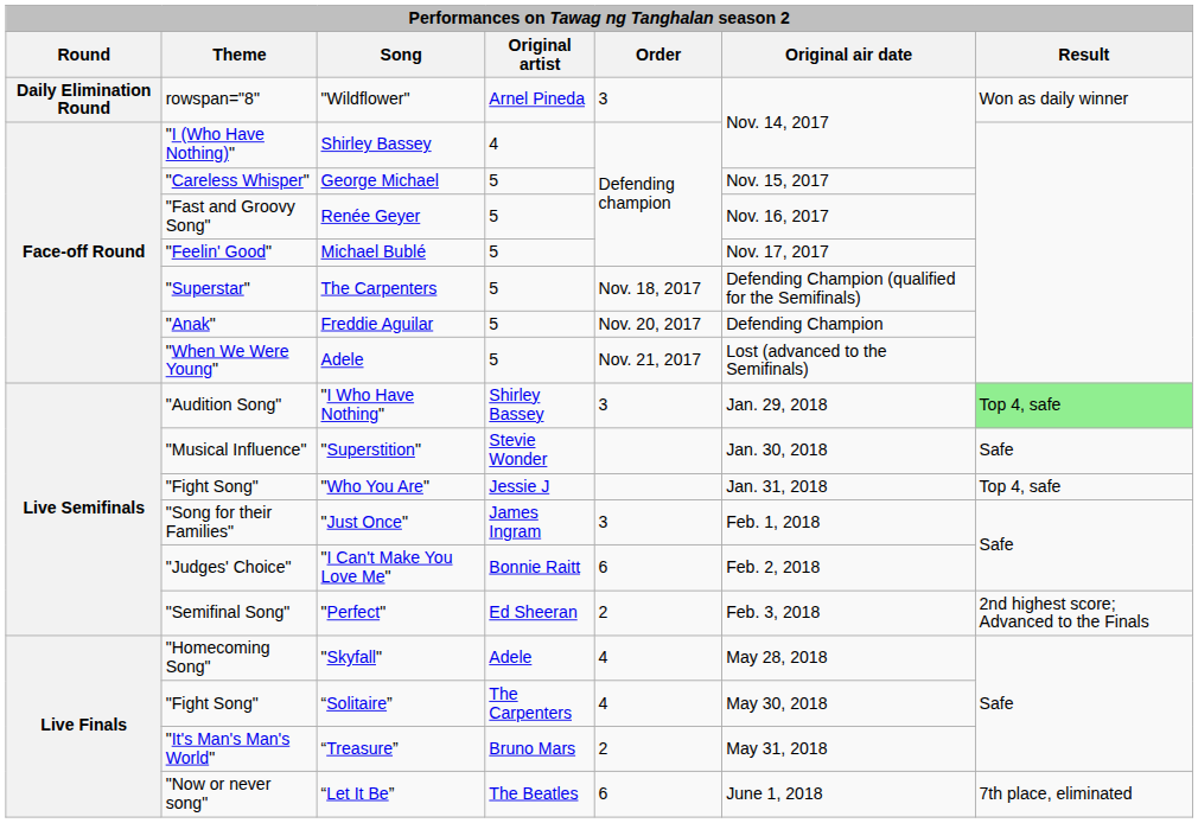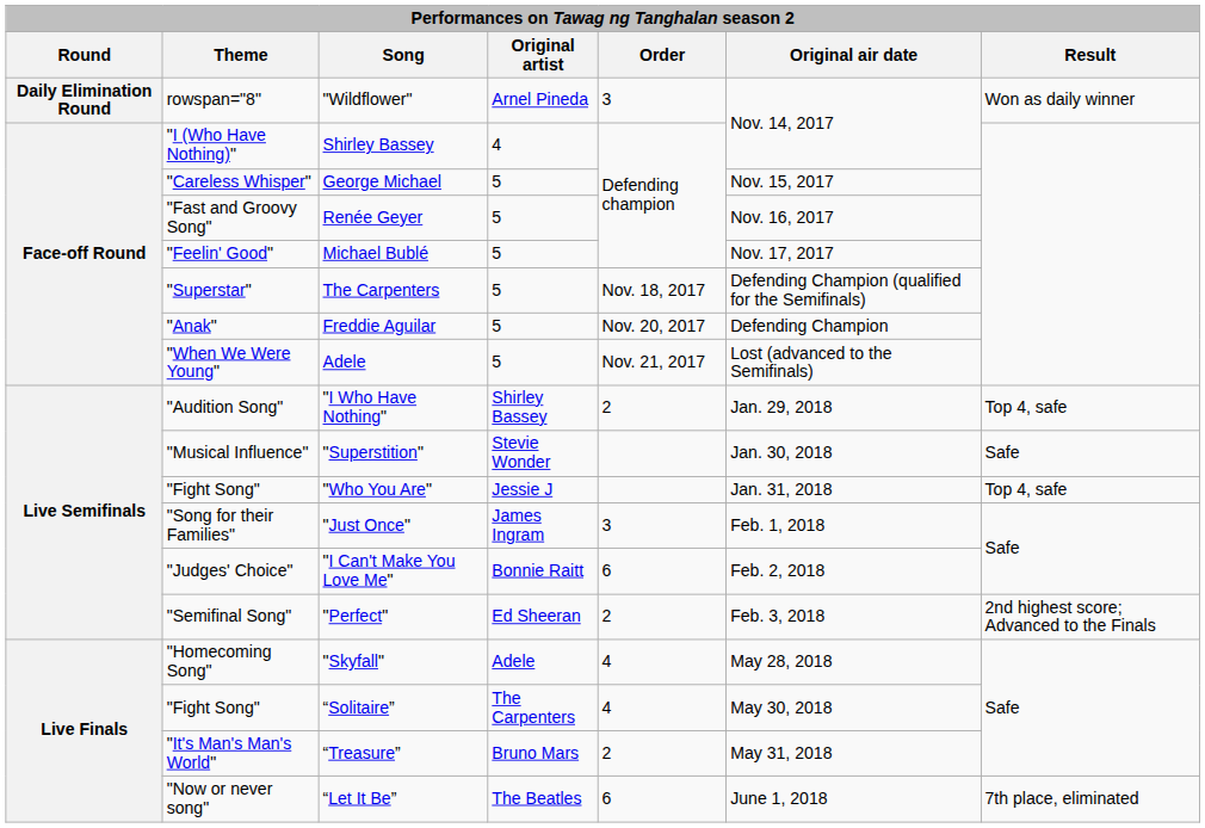 <table class="wikitable collapsible autocollapse" style="width:90%; margin:1em auto 1em auto;">
 <tr>
 <th colspan="7" style="background:#BFBFBF;">Performances on <em>Tawag ng Tanghalan</em> season 2</th>
 </tr>
 <tr>
 <th>Round</th>
 <th>Theme</th>
 <th>Song</th>
 <th>Original artist</th>
 <th>Order</th>
 <th>Original air date</th>
 <th>Result</th>
 </tr>
 <tr>
 <th scope="row">Daily Elimination Round</th>
 <td>rowspan="8" </td>
 <td>"Wildflower"</td>
 <td><a href='#'>Arnel Pineda</a></td>
 <td>3</td>
 <td rowspan="2">Nov. 14, 2017</td>
 <td>Won as daily winner</td>
 </tr>
 <tr>
 <th rowspan="7">Face-off Round</th>
 <td>"<a href='#'>I (Who Have Nothing)</a>" </td>
 <td><a href='#'>Shirley Bassey</a></td>
 <td>4</td>
 <td rowspan="4">Defending champion</td>
 </tr>
 <tr>
 <td>"<a href='#'>Careless Whisper</a>" </td>
 <td><a href='#'>George Michael</a></td>
 <td>5</td>
 <td>Nov. 15, 2017</td>
 </tr>
 <tr>
 <td>"Fast and Groovy Song"</td>
 <td><a href='#'>Renée Geyer</a></td>
 <td>5</td>
 <td>Nov. 16, 2017</td>
 </tr>
 <tr>
 <td>"<a href='#'>Feelin' Good</a>" </td>
 <td><a href='#'>Michael Bublé</a></td>
 <td>5</td>
 <td>Nov. 17, 2017</td>
 </tr>
 <tr>
 <td>"<a href='#'>Superstar</a>" </td>
 <td><a href='#'>The Carpenters</a></td>
 <td>5</td>
 <td>Nov. 18, 2017</td>
 <td>Defending Champion (qualified for the Semifinals)</td>
 </tr>
 <tr>
 <td>"<a href='#'>Anak</a>" </td>
 <td><a href='#'>Freddie Aguilar</a></td>
 <td>5</td>
 <td>Nov. 20, 2017</td>
 <td>Defending Champion</td>
 </tr>
 <tr>
 <td>"<a href='#'>When We Were Young</a>" </td>
 <td><a href='#'>Adele</a></td>
 <td>5</td>
 <td>Nov. 21, 2017</td>
 <td>Lost (advanced to the Semifinals)</td>
 </tr>
 <tr>
 <th rowspan="6">Live Semifinals</th>
 <td>"Audition Song"</td>
 <td>"<a href='#'>I Who Have Nothing</a>"</td>
 <td><a href='#'>Shirley Bassey</a></td>
-<td>3</td>
+<td>2</td>
 <td>Jan. 29, 2018</td>
-<td style="background: lightgreen;">Top 4, safe</td>
+<td>Top 4, safe</td>
 </tr>
 <tr>
 <td>"Musical Influence"</td>
 <td>"<a href='#'>Superstition</a>"</td>
 <td><a href='#'>Stevie Wonder</a></td>
 <td></td>
 <td>Jan. 30, 2018</td>
 <td>Safe</td>
 </tr>
 <tr>
 <td>"Fight Song"</td>
 <td>"<a href='#'>Who You Are</a>"</td>
 <td><a href='#'>Jessie J</a></td>
 <td></td>
 <td>Jan. 31, 2018</td>
 <td>Top 4, safe</td>
 </tr>
 <tr>
 <td>"Song for their Families"</td>
 <td>"<a href='#'>Just Once</a>"</td>
 <td><a href='#'>James Ingram</a></td>
 <td>3</td>
 <td>Feb. 1, 2018</td>
 <td rowspan="2">Safe</td>
 </tr>
 <tr>
 <td>"Judges' Choice"</td>
 <td>"<a href='#'>I Can't Make You Love Me</a>"</td>
 <td><a href='#'>Bonnie Raitt</a></td>
 <td>6</td>
 <td>Feb. 2, 2018</td>
 </tr>
 <tr>
 <td>"Semifinal Song"</td>
 <td>"<a href='#'>Perfect</a>"</td>
 <td><a href='#'>Ed Sheeran</a></td>
 <td>2</td>
 <td>Feb. 3, 2018</td>
 <td>2nd highest score; Advanced to the Finals</td>
 </tr>
 <tr>
 <th rowspan="4">Live Finals<br></th>
 <td>"Homecoming Song"</td>
 <td>"<a href='#'>Skyfall</a>"</td>
 <td><a href='#'>Adele</a></td>
 <td>4</td>
 <td>May 28, 2018</td>
 <td rowspan="3">Safe</td>
 </tr>
 <tr>
 <td>"Fight Song"</td>
 <td>“<a href='#'>Solitaire</a>”</td>
 <td><a href='#'>The Carpenters</a></td>
 <td>4</td>
 <td>May 30, 2018</td>
 </tr>
 <tr>
 <td>"<a href='#'>It's Man's Man's World</a>" </td>
 <td>“<a href='#'>Treasure</a>”</td>
 <td><a href='#'>Bruno Mars</a></td>
 <td>2</td>
 <td>May 31, 2018</td>
 </tr>
 <tr>
 <td>"Now or never song"</td>
 <td>“<a href='#'>Let It Be</a>”</td>
 <td><a href='#'>The Beatles</a></td>
 <td>6</td>
 <td>June 1, 2018</td>
 <td>7th place, eliminated</td>
 </tr>
 </table>
